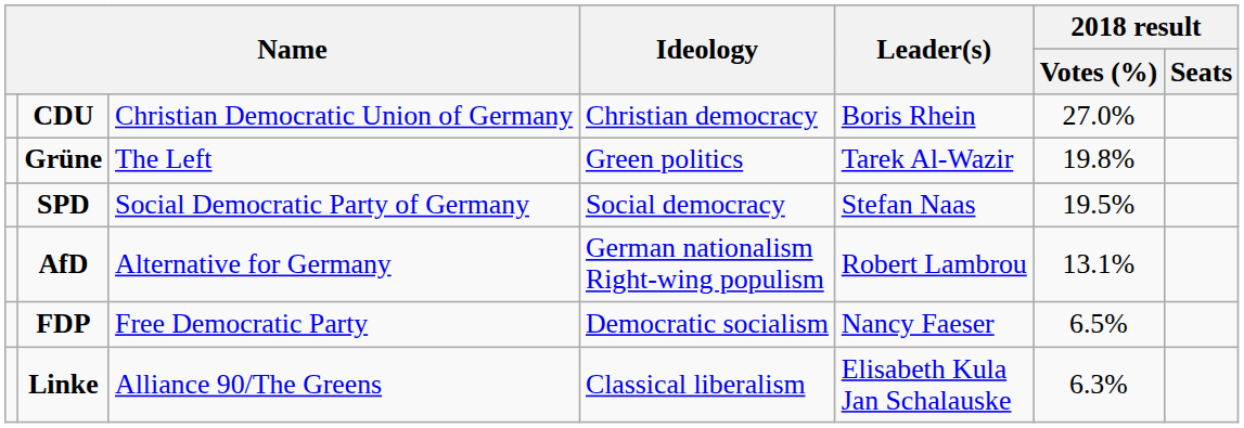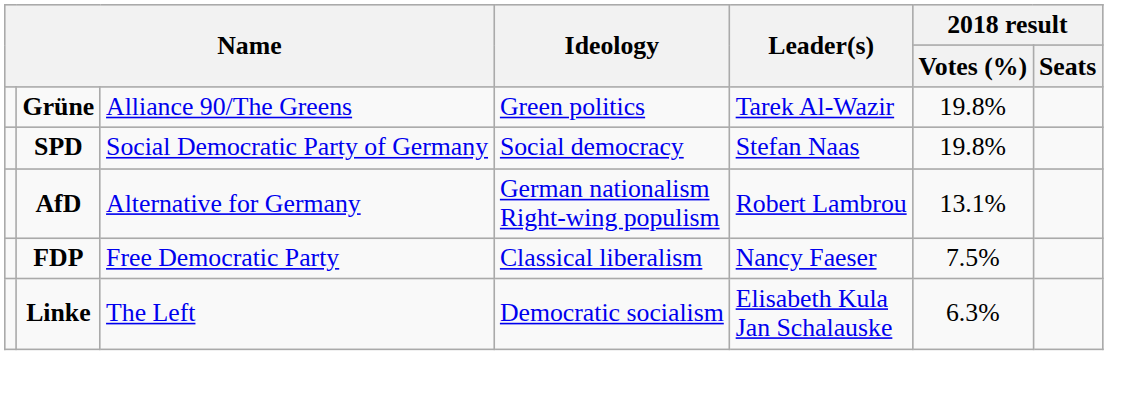 <table class="wikitable">
 <tr>
 <th colspan="3" rowspan="2">Name</th>
 <th rowspan="2">Ideology</th>
 <th rowspan="2">Leader(s)</th>
 <th colspan="2">2018 result</th>
 </tr>
 <tr>
 <th>Votes (%)</th>
 <th>Seats</th>
 </tr>
 <tr>
 <td></td>
-<td align="center"><strong>CDU</strong></td>
-<td><a href='#'>Christian Democratic Union of Germany</a><br></td>
-<td><a href='#'>Christian democracy</a></td>
-<td><a href='#'>Boris Rhein</a></td>
-<td align="center">27.0%</td>
-<td></td>
-</tr>
-<tr>
-<td></td>
 <td align="center"><strong>Grüne</strong></td>
-<td><a href='#'>The Left</a><br></td>
+<td><a href='#'>Alliance 90/The Greens</a><br></td>
 <td><a href='#'>Green politics</a></td>
 <td><a href='#'>Tarek Al-Wazir</a></td>
 <td align="center">19.8%</td>
 <td></td>
 </tr>
 <tr>
 <td></td>
 <td align="center"><strong>SPD</strong></td>
 <td><a href='#'>Social Democratic Party of Germany</a><br></td>
 <td><a href='#'>Social democracy</a></td>
 <td><a href='#'>Stefan Naas</a></td>
-<td align="center">19.5%</td>
+<td align="center">19.8%</td>
 <td></td>
 </tr>
 <tr>
 <td bgcolor=></td>
 <td align=center><strong>AfD</strong></td>
 <td><a href='#'>Alternative for Germany</a><br></td>
 <td><a href='#'>German nationalism</a><br><a href='#'>Right-wing populism</a></td>
 <td><a href='#'>Robert Lambrou</a></td>
 <td align=center>13.1%</td>
 <td></td>
 </tr>
 <tr>
 <td></td>
 <td align="center"><strong>FDP</strong></td>
 <td><a href='#'>Free Democratic Party</a><br></td>
-<td><a href='#'>Democratic socialism</a></td>
+<td><a href='#'>Classical liberalism</a></td>
 <td><a href='#'>Nancy Faeser</a></td>
-<td align="center">6.5%</td>
+<td align="center">7.5%</td>
 <td></td>
 </tr>
 <tr>
 <td></td>
 <td align="center"><strong>Linke</strong></td>
-<td><a href='#'>Alliance 90/The Greens</a><br></td>
-<td><a href='#'>Classical liberalism</a></td>
+<td><a href='#'>The Left</a><br></td>
+<td><a href='#'>Democratic socialism</a></td>
 <td><a href='#'>Elisabeth Kula</a><br><a href='#'>Jan Schalauske</a></td>
 <td align="center">6.3%</td>
 <td></td>
 </tr>
 </table>
